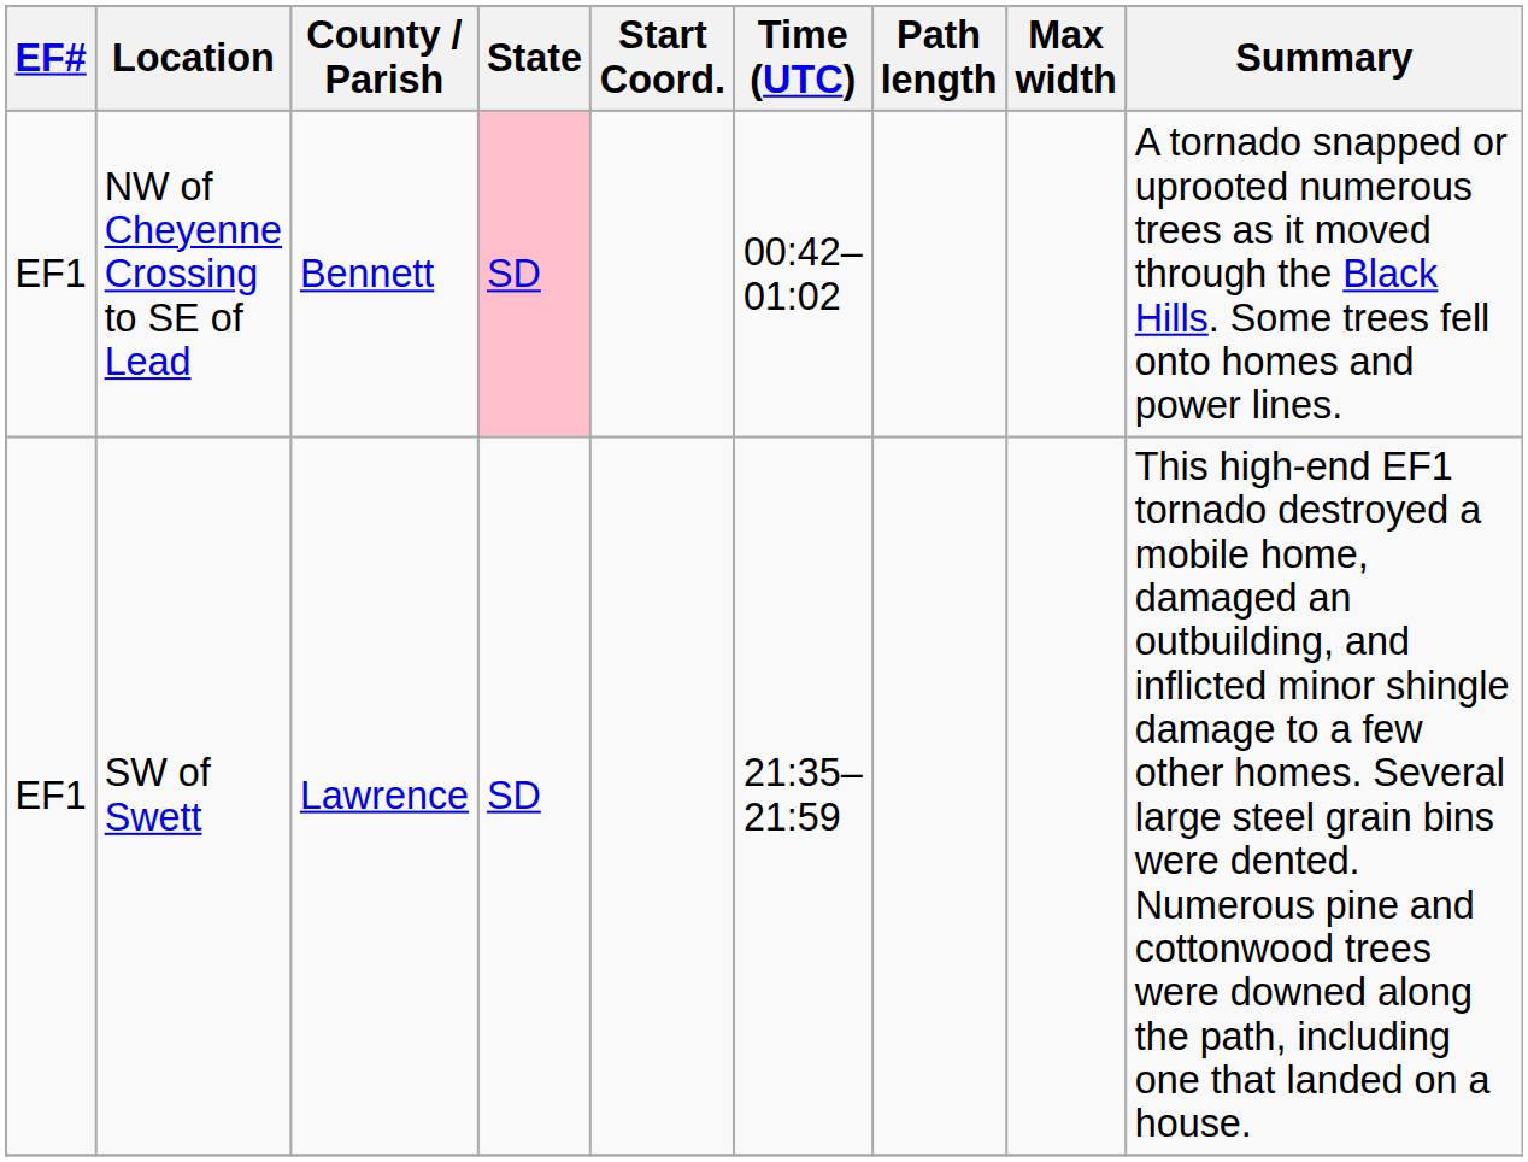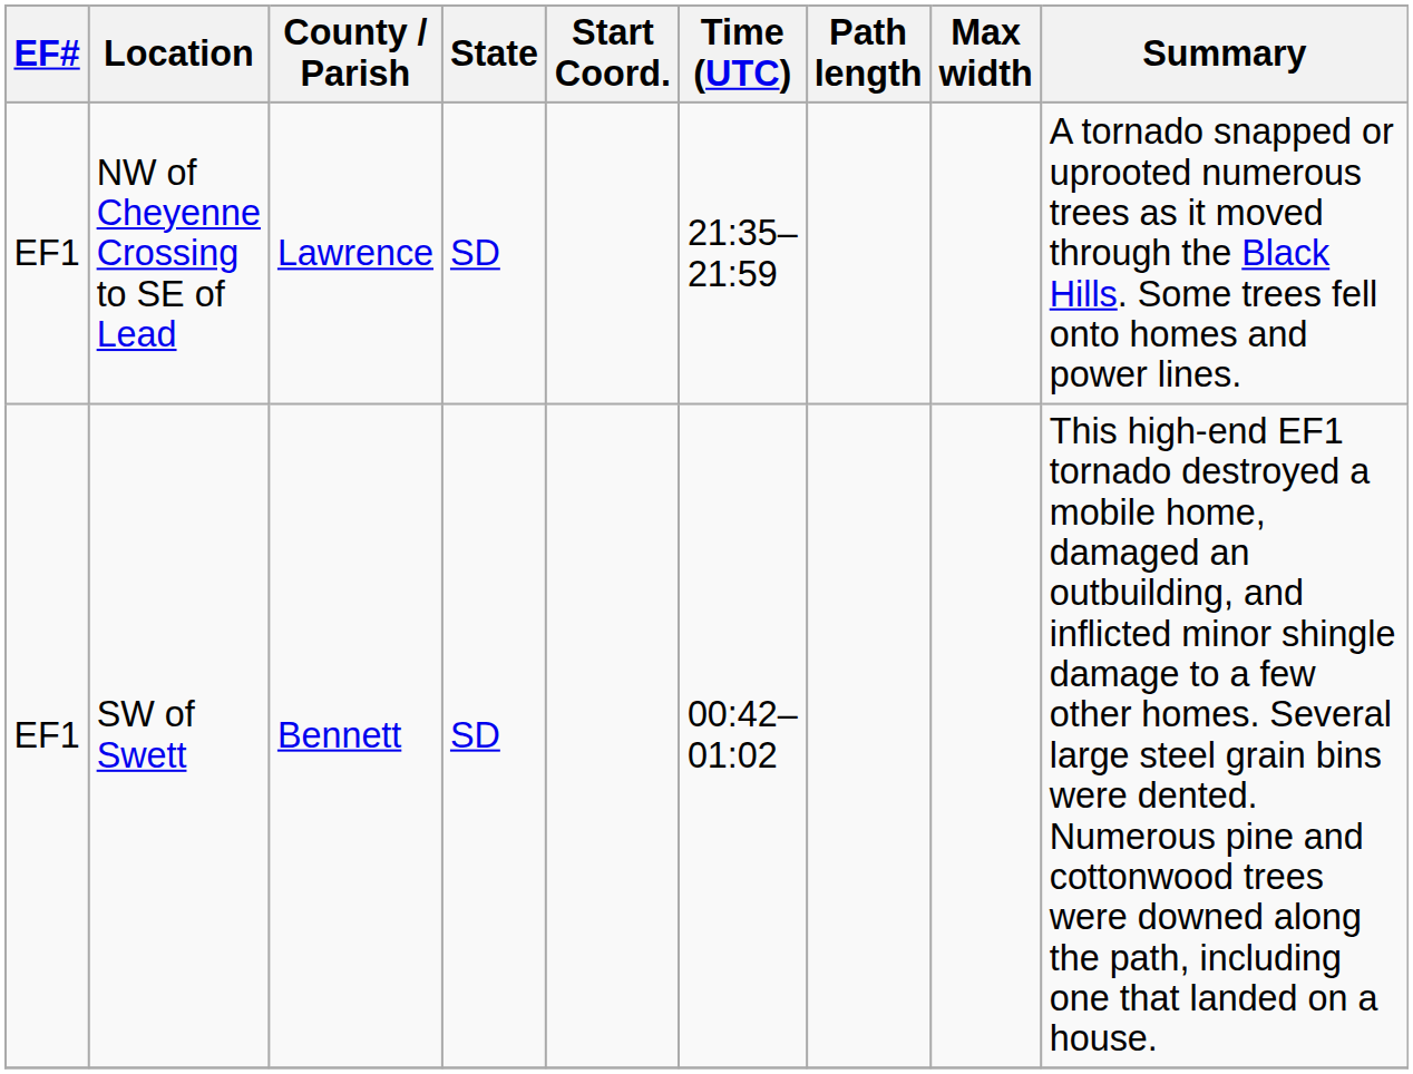 <table class="wikitable sortable" style="width:100%;">
 <tr>
 <th scope="col"  style="width:3%; text-align:center;"><a href='#'>EF#</a></th>
 <th scope="col"  style="width:7%; text-align:center;" class="unsortable">Location</th>
 <th scope="col"  style="width:6%; text-align:center;" class="unsortable">County / Parish</th>
 <th scope="col"  style="width:5%; text-align:center;">State</th>
 <th scope="col"  style="width:6%; text-align:center;">Start Coord.</th>
 <th scope="col"  style="width:6%; text-align:center;">Time (<a href='#'>UTC</a>)</th>
 <th scope="col"  style="width:6%; text-align:center;">Path length</th>
 <th scope="col"  style="width:6%; text-align:center;">Max width</th>
 <th scope="col" class="unsortable" style="width:48%; text-align:center;">Summary</th>
 </tr>
 <tr>
 <td>EF1</td>
 <td>NW of <a href='#'>Cheyenne Crossing</a> to SE of <a href='#'>Lead</a></td>
-<td><a href='#'>Bennett</a></td>
-<td style="background: pink;"><a href='#'>SD</a></td>
+<td><a href='#'>Lawrence</a></td>
+<td><a href='#'>SD</a></td>
 <td></td>
-<td>00:42–01:02</td>
+<td>21:35–21:59</td>
 <td></td>
 <td></td>
 <td>A tornado snapped or uprooted numerous trees as it moved through the <a href='#'>Black Hills</a>. Some trees fell onto homes and power lines.</td>
 </tr>
 <tr>
 <td>EF1</td>
 <td>SW of <a href='#'>Swett</a></td>
-<td><a href='#'>Lawrence</a></td>
+<td><a href='#'>Bennett</a></td>
 <td><a href='#'>SD</a></td>
 <td></td>
-<td>21:35–21:59</td>
+<td>00:42–01:02</td>
 <td></td>
 <td></td>
 <td>This high-end EF1 tornado destroyed a mobile home, damaged an outbuilding, and inflicted minor shingle damage to a few other homes. Several large steel grain bins were dented. Numerous pine and cottonwood trees were downed along the path, including one that landed on a house.</td>
 </tr>
 <tr>
 </tr>
 </table>
